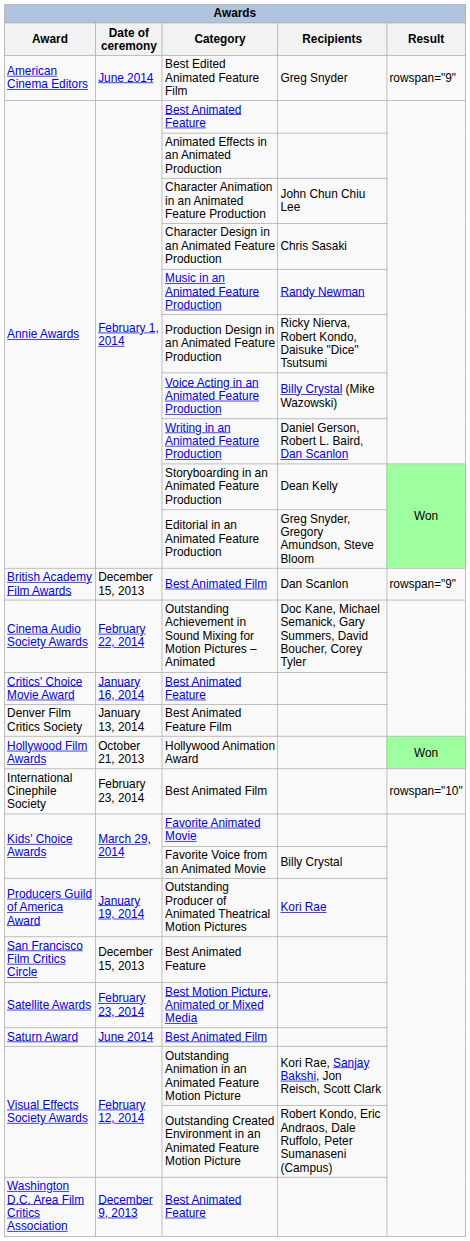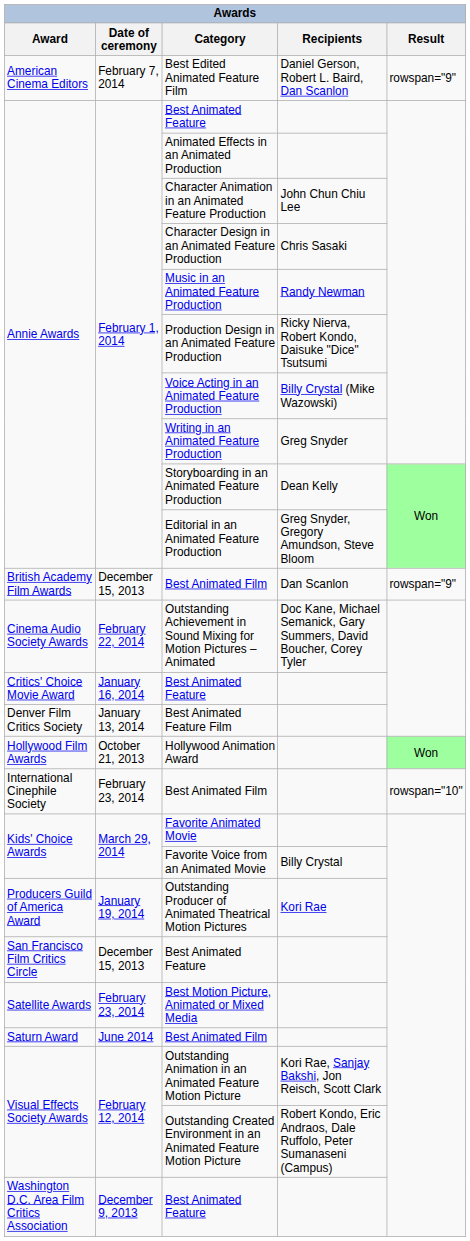 <table class="wikitable sortable" style="width:100%;">
 <tr style="background:#ccc; text-align:center;">
 <th colspan="5" style="background: LightSteelBlue;">Awards</th>
 </tr>
 <tr style="background:#ccc; text-align:center;">
 <th>Award</th>
 <th>Date of ceremony</th>
 <th>Category</th>
 <th>Recipients</th>
 <th>Result</th>
 </tr>
 <tr>
 <td><a href='#'>American Cinema Editors</a></td>
-<td><a href='#'>June 2014</a></td>
+<td>February 7, 2014</td>
 <td>Best Edited Animated Feature Film</td>
-<td>Greg Snyder</td>
+<td>Daniel Gerson, Robert L. Baird, <a href='#'>Dan Scanlon</a></td>
 <td>rowspan="9" </td>
 </tr>
 <tr>
 <td rowspan="10"><a href='#'>Annie Awards</a></td>
 <td rowspan="10"><a href='#'>February 1, 2014</a></td>
 <td><a href='#'>Best Animated Feature</a></td>
 <td></td>
 </tr>
 <tr>
 <td>Animated Effects in an Animated Production</td>
 <td></td>
 </tr>
 <tr>
 <td>Character Animation in an Animated Feature Production</td>
 <td>John Chun Chiu Lee</td>
 </tr>
 <tr>
 <td>Character Design in an Animated Feature Production</td>
 <td>Chris Sasaki</td>
 </tr>
 <tr>
 <td><a href='#'>Music in an Animated Feature Production</a></td>
 <td><a href='#'>Randy Newman</a></td>
 </tr>
 <tr>
 <td>Production Design in an Animated Feature Production</td>
 <td>Ricky Nierva, Robert Kondo, Daisuke "Dice" Tsutsumi</td>
 </tr>
 <tr>
 <td><a href='#'>Voice Acting in an Animated Feature Production</a></td>
 <td><a href='#'>Billy Crystal</a> (Mike Wazowski)</td>
 </tr>
 <tr>
 <td><a href='#'>Writing in an Animated Feature Production</a></td>
-<td>Daniel Gerson, Robert L. Baird, <a href='#'>Dan Scanlon</a></td>
+<td>Greg Snyder</td>
 </tr>
 <tr>
 <td>Storyboarding in an Animated Feature Production</td>
 <td>Dean Kelly</td>
 <td rowspan=2 style="background:#9EFF9E;color:#000;vertical-align:middle;text-align:center;" class="yes table-yes2 notheme">Won</td>
 </tr>
 <tr>
 <td>Editorial in an Animated Feature Production</td>
 <td>Greg Snyder, Gregory Amundson, Steve Bloom</td>
 </tr>
 <tr>
 <td><a href='#'>British Academy Film Awards</a></td>
 <td>December 15, 2013</td>
 <td><a href='#'>Best Animated Film</a></td>
 <td>Dan Scanlon</td>
 <td>rowspan="9" </td>
 </tr>
 <tr>
 <td><a href='#'>Cinema Audio Society Awards</a></td>
 <td><a href='#'>February 22, 2014</a></td>
 <td>Outstanding Achievement in Sound Mixing for Motion Pictures – Animated</td>
 <td>Doc Kane, Michael Semanick, Gary Summers, David Boucher, Corey Tyler</td>
 </tr>
 <tr>
 <td><a href='#'>Critics' Choice Movie Award</a></td>
 <td><a href='#'>January 16, 2014</a></td>
 <td><a href='#'>Best Animated Feature</a></td>
 <td></td>
 </tr>
 <tr>
 <td>Denver Film Critics Society</td>
 <td>January 13, 2014</td>
 <td>Best Animated Feature Film</td>
 <td></td>
 </tr>
 <tr>
 <td><a href='#'>Hollywood Film Awards</a></td>
 <td>October 21, 2013</td>
 <td>Hollywood Animation Award</td>
 <td></td>
 <td style="background:#9EFF9E;color:#000;vertical-align:middle;text-align:center;" class="yes table-yes2 notheme">Won</td>
 </tr>
 <tr>
 <td>International Cinephile Society</td>
 <td>February 23, 2014</td>
 <td>Best Animated Film</td>
 <td></td>
 <td>rowspan="10" </td>
 </tr>
 <tr>
 <td rowspan="2"><a href='#'>Kids' Choice Awards</a></td>
 <td rowspan="2"><a href='#'>March 29, 2014</a></td>
 <td><a href='#'>Favorite Animated Movie</a></td>
 <td></td>
 </tr>
 <tr>
 <td>Favorite Voice from an Animated Movie</td>
 <td>Billy Crystal</td>
 </tr>
 <tr>
 <td><a href='#'>Producers Guild of America Award</a></td>
 <td><a href='#'>January 19, 2014</a></td>
 <td>Outstanding Producer of Animated Theatrical Motion Pictures</td>
 <td><a href='#'>Kori Rae</a></td>
 </tr>
 <tr>
 <td><a href='#'>San Francisco Film Critics Circle</a></td>
 <td>December 15, 2013</td>
 <td>Best Animated Feature</td>
 <td></td>
 </tr>
 <tr>
 <td><a href='#'>Satellite Awards</a></td>
 <td><a href='#'>February 23, 2014</a></td>
 <td><a href='#'>Best Motion Picture, Animated or Mixed Media</a></td>
 <td></td>
 </tr>
 <tr>
 <td><a href='#'>Saturn Award</a></td>
 <td><a href='#'>June 2014</a></td>
 <td><a href='#'>Best Animated Film</a></td>
 <td></td>
 </tr>
 <tr>
 <td rowspan=2><a href='#'>Visual Effects Society Awards</a></td>
 <td rowspan=2><a href='#'>February 12, 2014</a></td>
 <td>Outstanding Animation in an Animated Feature Motion Picture</td>
 <td>Kori Rae, <a href='#'>Sanjay Bakshi</a>, Jon Reisch, Scott Clark</td>
 </tr>
 <tr>
 <td>Outstanding Created Environment in an Animated Feature Motion Picture</td>
 <td>Robert Kondo, Eric Andraos, Dale Ruffolo, Peter Sumanaseni (Campus)</td>
 </tr>
 <tr>
 <td><a href='#'>Washington D.C. Area Film Critics Association</a></td>
 <td><a href='#'>December 9, 2013</a></td>
 <td><a href='#'>Best Animated Feature</a></td>
 <td></td>
 </tr>
 </table>
